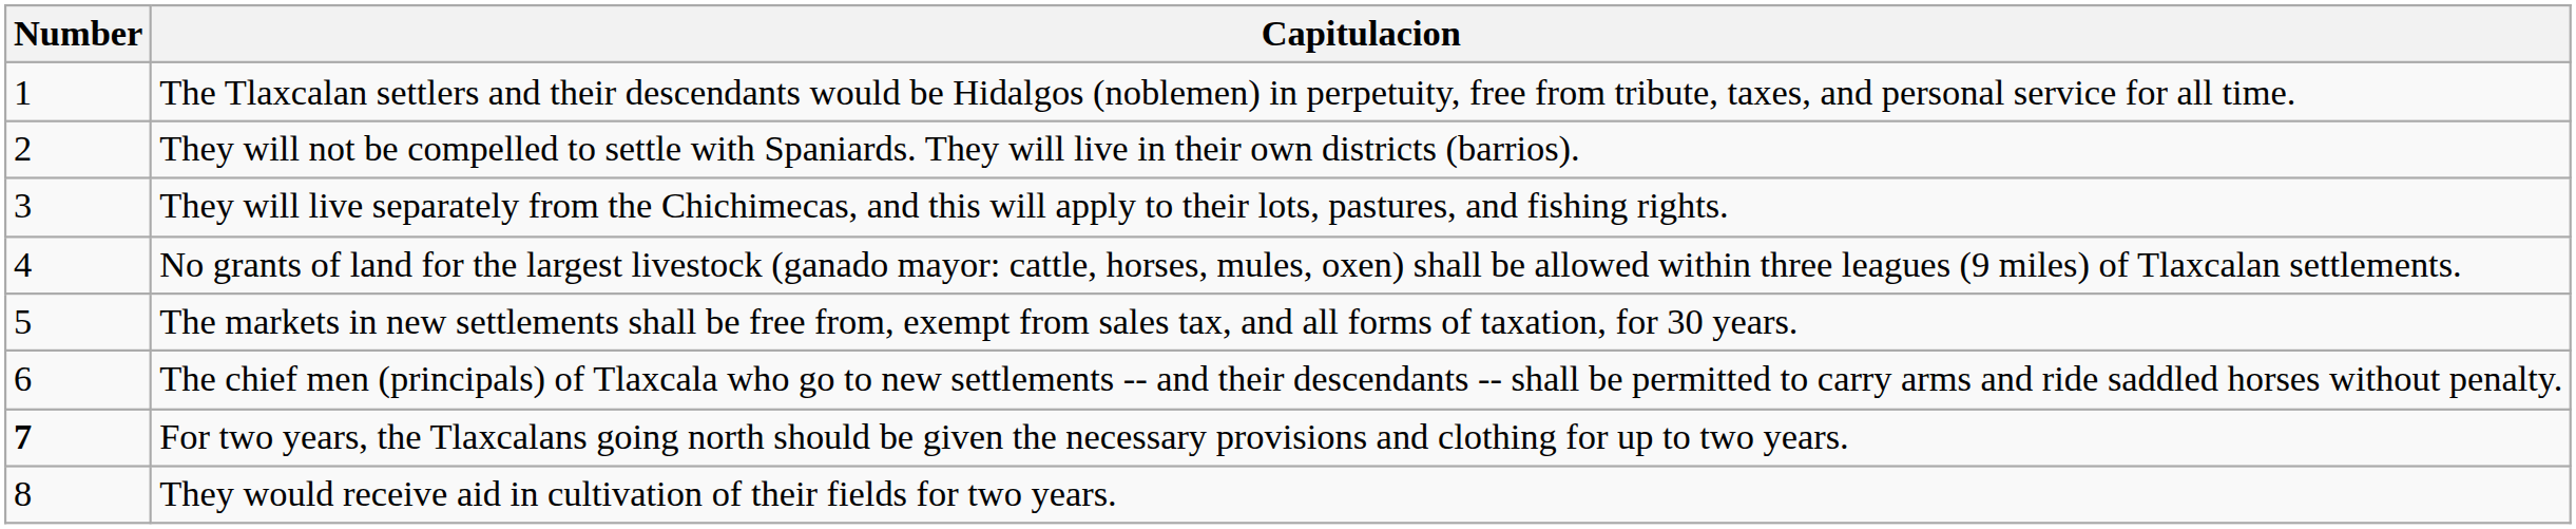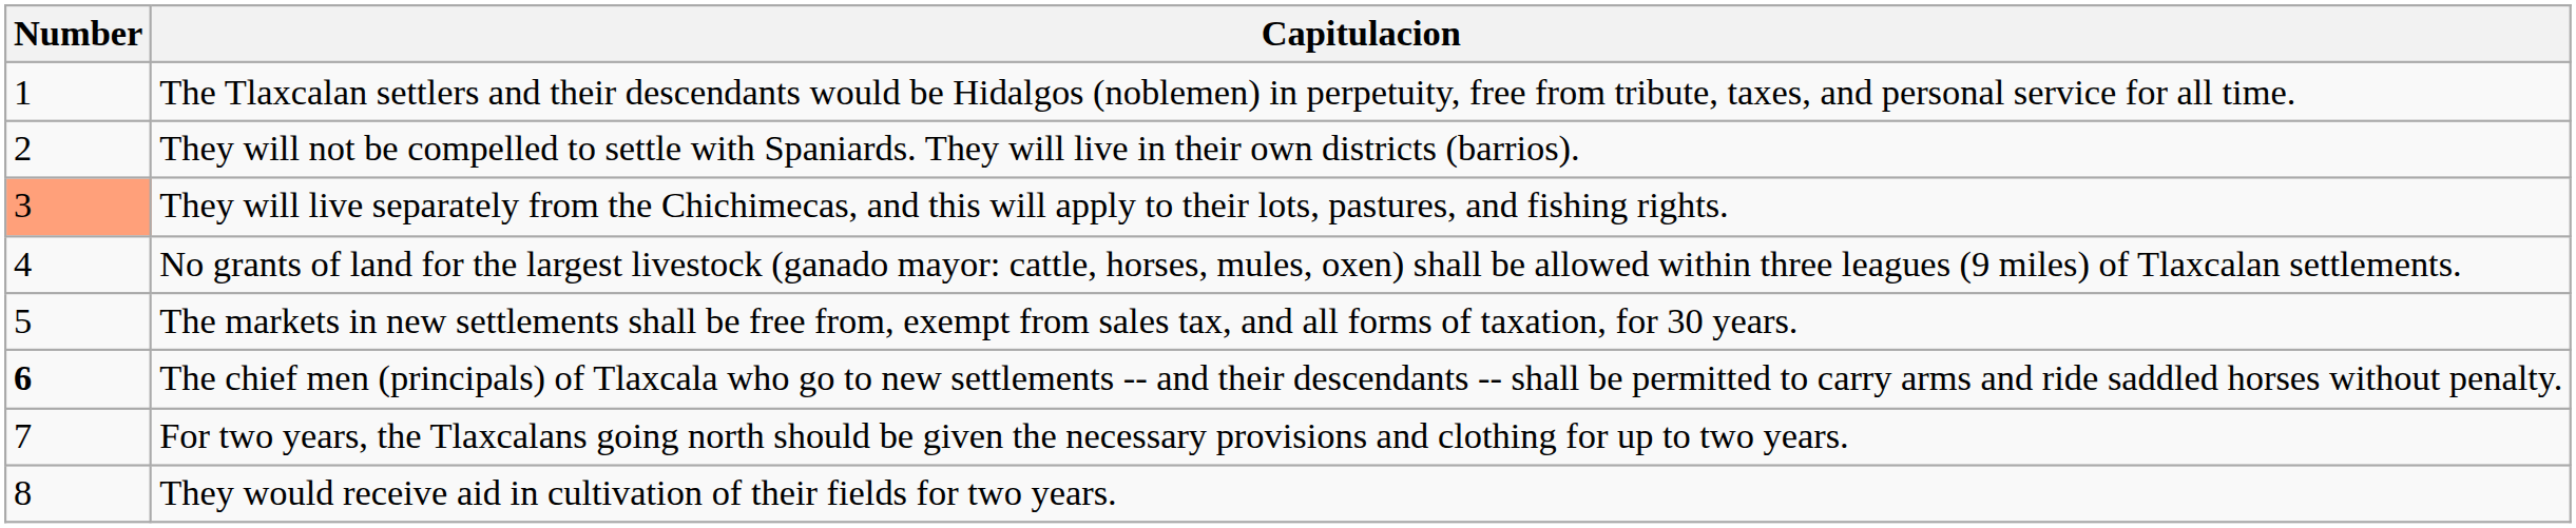 <table class="wikitable">
 <tr>
 <th>Number</th>
 <th>Capitulacion</th>
 </tr>
 <tr>
 <td>1</td>
 <td>The Tlaxcalan settlers and their descendants would be Hidalgos (noblemen) in perpetuity, free from tribute, taxes, and personal service for all time.</td>
 </tr>
 <tr>
 <td>2</td>
 <td>They will not be compelled to settle with Spaniards. They will live in their own districts (barrios).</td>
 </tr>
 <tr>
-<td>3</td>
+<td style="background: lightsalmon;">3</td>
 <td>They will live separately from the Chichimecas, and this will apply to their lots, pastures, and fishing rights.</td>
 </tr>
 <tr>
 <td>4</td>
 <td>No grants of land for the largest livestock (ganado mayor: cattle, horses, mules, oxen) shall be allowed within three leagues (9 miles) of Tlaxcalan settlements.</td>
 </tr>
 <tr>
 <td>5</td>
 <td>The markets in new settlements shall be free from, exempt from sales tax, and all forms of taxation, for 30 years.</td>
 </tr>
 <tr>
-<td>6</td>
+<td><strong>6</strong></td>
 <td>The chief men (principals) of Tlaxcala who go to new settlements -- and their descendants -- shall be permitted to carry arms and ride saddled horses without penalty.</td>
 </tr>
 <tr>
-<td><strong>7</strong></td>
+<td>7</td>
 <td>For two years, the Tlaxcalans going north should be given the necessary provisions and clothing for up to two years.</td>
 </tr>
 <tr>
 <td>8</td>
 <td>They would receive aid in cultivation of their fields for two years.</td>
 </tr>
 </table>
